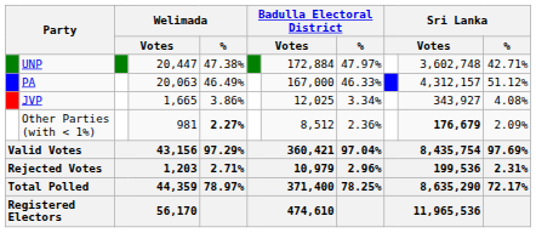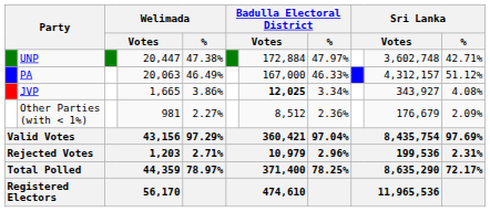 <table class="wikitable">
 <tr>
 <th colspan="2" width="144px"rowspan="2">Party</th>
 <th colspan="3" width="216px">Welimada</th>
 <th colspan="3" width="216px"><a href='#'>Badulla Electoral District</a></th>
 <th colspan="3" width="216px">Sri Lanka</th>
 </tr>
 <tr>
 <th colspan="2" width="144px">Votes</th>
 <th>%</th>
 <th colspan="2" width="144px">Votes</th>
 <th>%</th>
 <th colspan="2" width="144px">Votes</th>
 <th>%</th>
 </tr>
 <tr>
 <td style="background-color:green;" width="10px"></td>
 <td style="text-align:left;"><a href='#'>UNP</a></td>
 <td style="background-color:green;" width="10px"></td>
 <td style="text-align:right;">20,447</td>
 <td style="text-align:right;">47.38%</td>
 <td style="background-color:green;" width="10px"></td>
 <td style="text-align:right;">172,884</td>
 <td style="text-align:right;">47.97%</td>
 <td style="background-color:white;" width="10px"></td>
 <td style="text-align:right;">3,602,748</td>
 <td style="text-align:right;">42.71%</td>
 </tr>
 <tr>
 <td style="background-color:blue;" width="10px"></td>
 <td style="text-align:left;"><a href='#'>PA</a></td>
 <td style="background-color:white;" width="10px"></td>
 <td style="text-align:right;">20,063</td>
 <td style="text-align:right;">46.49%</td>
 <td style="background-color:white;" width="10px"></td>
 <td style="text-align:right;">167,000</td>
 <td style="text-align:right;">46.33%</td>
 <td style="background-color:blue;" width="10px"></td>
 <td style="text-align:right;">4,312,157</td>
 <td style="text-align:right;">51.12%</td>
 </tr>
 <tr>
 <td style="background-color:red;" width="10px"></td>
 <td style="text-align:left;"><a href='#'>JVP</a></td>
 <td style="background-color:white;" width="10px"></td>
 <td style="text-align:right;">1,665</td>
 <td style="text-align:right;">3.86%</td>
 <td style="background-color:white;" width="10px"></td>
-<td style="text-align:right;">12,025</td>
+<td style="text-align:right;"><strong>12,025</strong></td>
 <td style="text-align:right;">3.34%</td>
 <td style="background-color:white;" width="10px"></td>
 <td style="text-align:right;">343,927</td>
 <td style="text-align:right;">4.08%</td>
 </tr>
 <tr>
 <td style="background-color:white;" width="10px"></td>
 <td style="text-align:left;">Other Parties (with < 1%)</td>
 <td style="background-color:white;" width="10px"></td>
 <td style="text-align:right;">981</td>
-<td style="text-align:right;"><strong>2.27%</strong></td>
+<td style="text-align:right;">2.27%</td>
 <td style="background-color:white;" width="10px"></td>
 <td style="text-align:right;">8,512</td>
 <td style="text-align:right;">2.36%</td>
 <td style="background-color:white;" width="10px"></td>
-<td style="text-align:right;"><strong>176,679</strong></td>
+<td style="text-align:right;">176,679</td>
 <td style="text-align:right;">2.09%</td>
 </tr>
 <tr>
 <th colspan="2" width="144px"style="text-align:left;">Valid Votes</th>
 <th style="text-align:right;"colspan="2" width="144px">43,156</th>
 <th style="text-align:right;">97.29%</th>
 <th style="text-align:right;"colspan="2" width="144px">360,421</th>
 <th style="text-align:right;">97.04%</th>
 <th style="text-align:right;"colspan="2" width="144px">8,435,754</th>
 <th style="text-align:right;">97.69%</th>
 </tr>
 <tr>
 <th colspan="2" width="144px"style="text-align:left;">Rejected Votes</th>
 <th style="text-align:right;"colspan="2" width="144px">1,203</th>
 <th style="text-align:right;">2.71%</th>
 <th style="text-align:right;"colspan="2" width="144px">10,979</th>
 <th style="text-align:right;">2.96%</th>
 <th style="text-align:right;"colspan="2" width="144px">199,536</th>
 <th style="text-align:right;">2.31%</th>
 </tr>
 <tr>
 <th colspan="2" width="144px"style="text-align:left;">Total Polled</th>
 <th style="text-align:right;"colspan="2" width="144px">44,359</th>
 <th style="text-align:right;">78.97%</th>
 <th style="text-align:right;"colspan="2" width="144px">371,400</th>
 <th style="text-align:right;">78.25%</th>
 <th style="text-align:right;"colspan="2" width="144px">8,635,290</th>
 <th style="text-align:right;">72.17%</th>
 </tr>
 <tr>
 <th colspan="2" width="144px"style="text-align:left;">Registered Electors</th>
 <th style="text-align:right;"colspan="2" width="144px">56,170</th>
 <th></th>
 <th style="text-align:right;"colspan="2" width="144px">474,610</th>
 <th></th>
 <th style="text-align:right;"colspan="2" width="144px">11,965,536</th>
 <th></th>
 </tr>
 </table>
